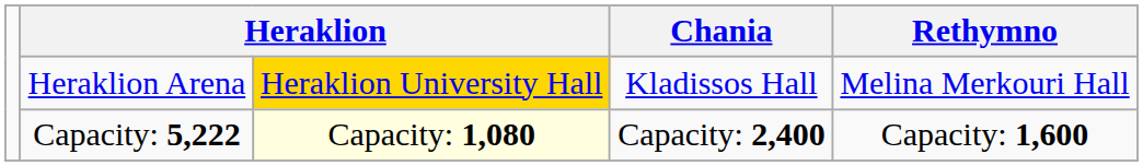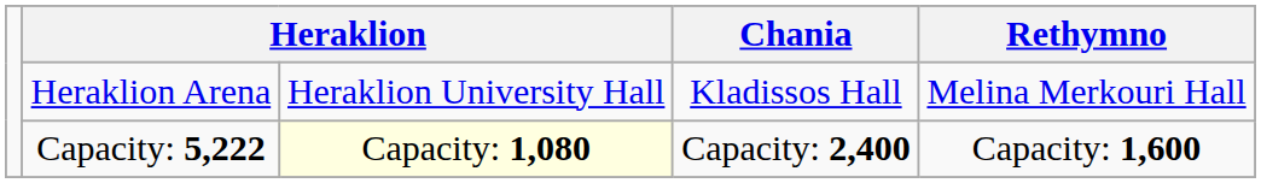 <table class="wikitable" style="text-align:center">
 <tr>
 <td rowspan=8></td>
 <th colspan=2><a href='#'>Heraklion</a></th>
 <th><a href='#'>Chania</a></th>
 <th><a href='#'>Rethymno</a></th>
 </tr>
 <tr>
 <td><a href='#'>Heraklion Arena</a></td>
-<td style="background: gold;"><a href='#'>Heraklion University Hall</a></td>
+<td><a href='#'>Heraklion University Hall</a></td>
 <td><a href='#'>Kladissos Hall</a></td>
 <td><a href='#'>Melina Merkouri Hall</a></td>
 </tr>
 <tr>
 <td>Capacity: <strong>5,222</strong></td>
 <td style="background: lightyellow;">Capacity: <strong>1,080</strong></td>
 <td>Capacity: <strong>2,400</strong></td>
 <td>Capacity: <strong>1,600</strong></td>
 </tr>
 </table>
